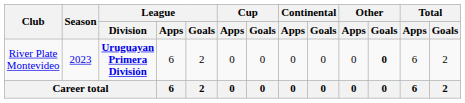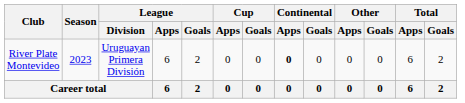 <table class=wikitable style=text-align:center>
 <tr>
 <th rowspan="2">Club</th>
 <th rowspan="2">Season</th>
 <th colspan="3">League</th>
 <th colspan="2">Cup</th>
 <th colspan="2">Continental</th>
 <th colspan="2">Other</th>
 <th colspan="2">Total</th>
 </tr>
 <tr>
 <th>Division</th>
 <th>Apps</th>
 <th>Goals</th>
 <th>Apps</th>
 <th>Goals</th>
 <th>Apps</th>
 <th>Goals</th>
 <th>Apps</th>
 <th>Goals</th>
 <th>Apps</th>
 <th>Goals</th>
 </tr>
 <tr>
 <td><a href='#'>River Plate Montevideo</a></td>
 <td><a href='#'>2023</a></td>
-<td><strong><a href='#'>Uruguayan Primera División</a></strong></td>
+<td><a href='#'>Uruguayan Primera División</a></td>
 <td>6</td>
 <td>2</td>
 <td>0</td>
 <td>0</td>
+<td><strong>0</strong></td>
 <td>0</td>
 <td>0</td>
 <td>0</td>
-<td><strong>0</strong></td>
 <td>6</td>
 <td>2</td>
 </tr>
 <tr>
 <th colspan="3"><strong>Career total</strong></th>
 <th>6</th>
 <th>2</th>
 <th>0</th>
 <th>0</th>
 <th>0</th>
 <th>0</th>
 <th>0</th>
 <th>0</th>
 <th>6</th>
 <th>2</th>
 </tr>
 </table>
